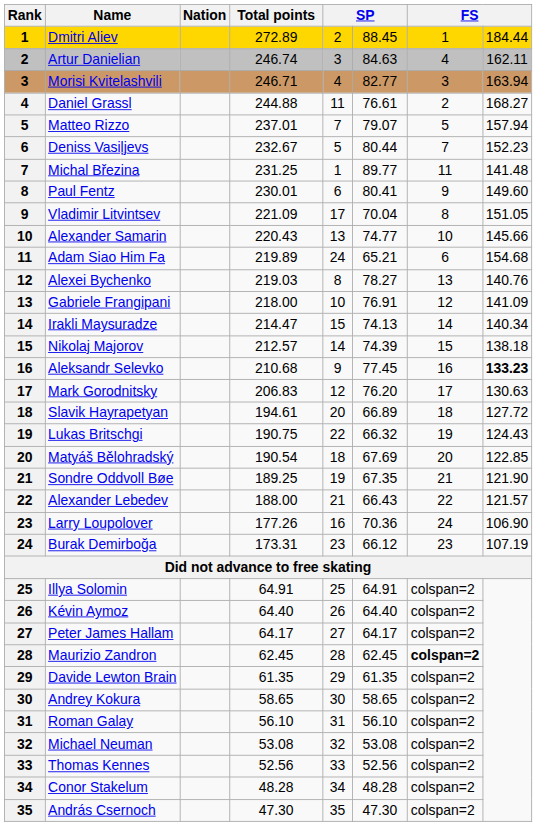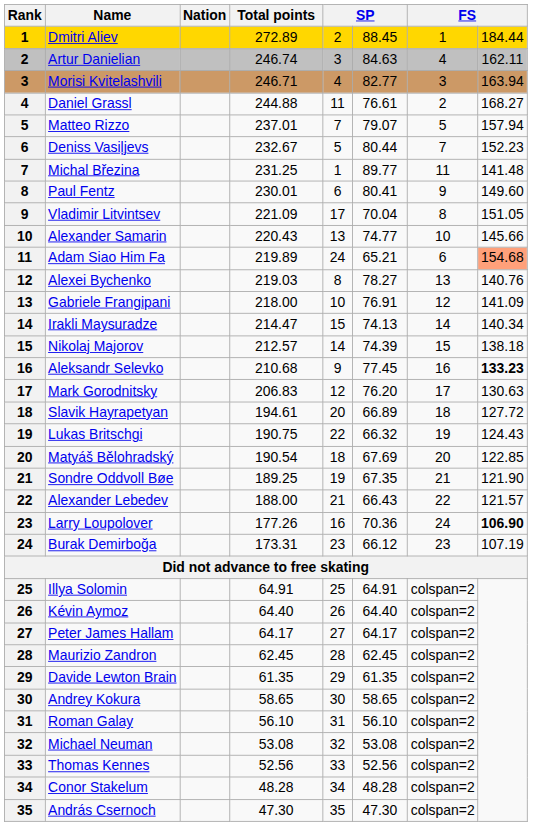 <table class="wikitable sortable">
 <tr>
 <th>Rank</th>
 <th>Name</th>
 <th>Nation</th>
 <th width="100px">Total points</th>
 <th colspan="2" width="90px"><a href='#'>SP</a></th>
 <th colspan="2" width="90px"><a href='#'>FS</a></th>
 </tr>
 <tr bgcolor="Gold">
 <td align="center" bgcolor="Gold"><strong>1</strong></td>
 <td><a href='#'>Dmitri Aliev</a></td>
 <td></td>
 <td align="center">272.89</td>
 <td align="center">2</td>
 <td align="center">88.45</td>
 <td align="center">1</td>
 <td align="center">184.44</td>
 </tr>
 <tr bgcolor="silver">
 <td align="center" bgcolor="silver"><strong>2</strong></td>
 <td><a href='#'>Artur Danielian</a></td>
 <td></td>
 <td align="center">246.74</td>
 <td align="center">3</td>
 <td align="center">84.63</td>
 <td align="center">4</td>
 <td align="center">162.11</td>
 </tr>
 <tr bgcolor="#cc9966">
 <td align="center" bgcolor="#cc9966"><strong>3</strong></td>
 <td><a href='#'>Morisi Kvitelashvili</a></td>
 <td></td>
 <td align="center">246.71</td>
 <td align="center">4</td>
 <td align="center">82.77</td>
 <td align="center">3</td>
 <td align="center">163.94</td>
 </tr>
 <tr>
 <th>4</th>
 <td><a href='#'>Daniel Grassl</a></td>
 <td></td>
 <td align="center">244.88</td>
 <td align="center">11</td>
 <td align="center">76.61</td>
 <td align="center">2</td>
 <td align="center">168.27</td>
 </tr>
 <tr>
 <th>5</th>
 <td><a href='#'>Matteo Rizzo</a></td>
 <td></td>
 <td align="center">237.01</td>
 <td align="center">7</td>
 <td align="center">79.07</td>
 <td align="center">5</td>
 <td align="center">157.94</td>
 </tr>
 <tr>
 <th>6</th>
 <td><a href='#'>Deniss Vasiļjevs</a></td>
 <td></td>
 <td align="center">232.67</td>
 <td align="center">5</td>
 <td align="center">80.44</td>
 <td align="center">7</td>
 <td align="center">152.23</td>
 </tr>
 <tr>
 <th>7</th>
 <td><a href='#'>Michal Březina</a></td>
 <td></td>
 <td align="center">231.25</td>
 <td align="center">1</td>
 <td align="center">89.77</td>
 <td align="center">11</td>
 <td align="center">141.48</td>
 </tr>
 <tr>
 <th>8</th>
 <td><a href='#'>Paul Fentz</a></td>
 <td></td>
 <td align="center">230.01</td>
 <td align="center">6</td>
 <td align="center">80.41</td>
 <td align="center">9</td>
 <td align="center">149.60</td>
 </tr>
 <tr>
 <th>9</th>
 <td><a href='#'>Vladimir Litvintsev</a></td>
 <td></td>
 <td align="center">221.09</td>
 <td align="center">17</td>
 <td align="center">70.04</td>
 <td align="center">8</td>
 <td align="center">151.05</td>
 </tr>
 <tr>
 <th>10</th>
 <td><a href='#'>Alexander Samarin</a></td>
 <td></td>
 <td align="center">220.43</td>
 <td align="center">13</td>
 <td align="center">74.77</td>
 <td align="center">10</td>
 <td align="center">145.66</td>
 </tr>
 <tr>
 <th>11</th>
 <td><a href='#'>Adam Siao Him Fa</a></td>
 <td></td>
 <td align="center">219.89</td>
 <td align="center">24</td>
 <td align="center">65.21</td>
 <td align="center">6</td>
-<td align="center">154.68</td>
+<td align="center" style="background: lightsalmon;">154.68</td>
 </tr>
 <tr>
 <th>12</th>
 <td><a href='#'>Alexei Bychenko</a></td>
 <td></td>
 <td align="center">219.03</td>
 <td align="center">8</td>
 <td align="center">78.27</td>
 <td align="center">13</td>
 <td align="center">140.76</td>
 </tr>
 <tr>
 <th>13</th>
 <td><a href='#'>Gabriele Frangipani</a></td>
 <td></td>
 <td align="center">218.00</td>
 <td align="center">10</td>
 <td align="center">76.91</td>
 <td align="center">12</td>
 <td align="center">141.09</td>
 </tr>
 <tr>
 <th>14</th>
 <td><a href='#'>Irakli Maysuradze</a></td>
 <td></td>
 <td align="center">214.47</td>
 <td align="center">15</td>
 <td align="center">74.13</td>
 <td align="center">14</td>
 <td align="center">140.34</td>
 </tr>
 <tr>
 <th>15</th>
 <td><a href='#'>Nikolaj Majorov</a></td>
 <td></td>
 <td align="center">212.57</td>
 <td align="center">14</td>
 <td align="center">74.39</td>
 <td align="center">15</td>
 <td align="center">138.18</td>
 </tr>
 <tr>
 <th>16</th>
 <td><a href='#'>Aleksandr Selevko</a></td>
 <td></td>
 <td align="center">210.68</td>
 <td align="center">9</td>
 <td align="center">77.45</td>
 <td align="center">16</td>
 <td align="center"><strong>133.23</strong></td>
 </tr>
 <tr>
 <th>17</th>
 <td><a href='#'>Mark Gorodnitsky</a></td>
 <td></td>
 <td align="center">206.83</td>
 <td align="center">12</td>
 <td align="center">76.20</td>
 <td align="center">17</td>
 <td align="center">130.63</td>
 </tr>
 <tr>
 <th>18</th>
 <td><a href='#'>Slavik Hayrapetyan</a></td>
 <td></td>
 <td align="center">194.61</td>
 <td align="center">20</td>
 <td align="center">66.89</td>
 <td align="center">18</td>
 <td align="center">127.72</td>
 </tr>
 <tr>
 <th>19</th>
 <td><a href='#'>Lukas Britschgi</a></td>
 <td></td>
 <td align="center">190.75</td>
 <td align="center">22</td>
 <td align="center">66.32</td>
 <td align="center">19</td>
 <td align="center">124.43</td>
 </tr>
 <tr>
 <th>20</th>
 <td><a href='#'>Matyáš Bělohradský</a></td>
 <td></td>
 <td align="center">190.54</td>
 <td align="center">18</td>
 <td align="center">67.69</td>
 <td align="center">20</td>
 <td align="center">122.85</td>
 </tr>
 <tr>
 <th>21</th>
 <td><a href='#'>Sondre Oddvoll Bøe</a></td>
 <td></td>
 <td align="center">189.25</td>
 <td align="center">19</td>
 <td align="center">67.35</td>
 <td align="center">21</td>
 <td align="center">121.90</td>
 </tr>
 <tr>
 <th>22</th>
 <td><a href='#'>Alexander Lebedev</a></td>
 <td></td>
 <td align="center">188.00</td>
 <td align="center">21</td>
 <td align="center">66.43</td>
 <td align="center">22</td>
 <td align="center">121.57</td>
 </tr>
 <tr>
 <th>23</th>
 <td><a href='#'>Larry Loupolover</a></td>
 <td></td>
 <td align="center">177.26</td>
 <td align="center">16</td>
 <td align="center">70.36</td>
 <td align="center">24</td>
-<td align="center">106.90</td>
+<td align="center"><strong>106.90</strong></td>
 </tr>
 <tr>
 <th>24</th>
 <td><a href='#'>Burak Demirboğa</a></td>
 <td></td>
 <td align="center">173.31</td>
 <td align="center">23</td>
 <td align="center">66.12</td>
 <td align="center">23</td>
 <td align="center">107.19</td>
 </tr>
 <tr>
 <th colspan=8>Did not advance to free skating</th>
 </tr>
 <tr>
 <th>25</th>
 <td><a href='#'>Illya Solomin</a></td>
 <td></td>
 <td align="center">64.91</td>
 <td align="center">25</td>
 <td align="center">64.91</td>
 <td>colspan=2 </td>
 </tr>
 <tr>
 <th>26</th>
 <td><a href='#'>Kévin Aymoz</a></td>
 <td></td>
 <td align="center">64.40</td>
 <td align="center">26</td>
 <td align="center">64.40</td>
 <td>colspan=2 </td>
 </tr>
 <tr>
 <th>27</th>
 <td><a href='#'>Peter James Hallam</a></td>
 <td></td>
 <td align="center">64.17</td>
 <td align="center">27</td>
 <td align="center">64.17</td>
 <td>colspan=2 </td>
 </tr>
 <tr>
 <th>28</th>
 <td><a href='#'>Maurizio Zandron</a></td>
 <td></td>
 <td align="center">62.45</td>
 <td align="center">28</td>
 <td align="center">62.45</td>
-<td><strong>colspan=2 </strong></td>
+<td>colspan=2 </td>
 </tr>
 <tr>
 <th>29</th>
 <td><a href='#'>Davide Lewton Brain</a></td>
 <td></td>
 <td align="center">61.35</td>
 <td align="center">29</td>
 <td align="center">61.35</td>
 <td>colspan=2 </td>
 </tr>
 <tr>
 <th>30</th>
 <td><a href='#'>Andrey Kokura</a></td>
 <td></td>
 <td align="center">58.65</td>
 <td align="center">30</td>
 <td align="center">58.65</td>
 <td>colspan=2 </td>
 </tr>
 <tr>
 <th>31</th>
 <td><a href='#'>Roman Galay</a></td>
 <td></td>
 <td align="center">56.10</td>
 <td align="center">31</td>
 <td align="center">56.10</td>
 <td>colspan=2 </td>
 </tr>
 <tr>
 <th>32</th>
 <td><a href='#'>Michael Neuman</a></td>
 <td></td>
 <td align="center">53.08</td>
 <td align="center">32</td>
 <td align="center">53.08</td>
 <td>colspan=2 </td>
 </tr>
 <tr>
 <th>33</th>
 <td><a href='#'>Thomas Kennes</a></td>
 <td></td>
 <td align="center">52.56</td>
 <td align="center">33</td>
 <td align="center">52.56</td>
 <td>colspan=2 </td>
 </tr>
 <tr>
 <th>34</th>
 <td><a href='#'>Conor Stakelum</a></td>
 <td></td>
 <td align="center">48.28</td>
 <td align="center">34</td>
 <td align="center">48.28</td>
 <td>colspan=2 </td>
 </tr>
 <tr>
 <th>35</th>
 <td><a href='#'>András Csernoch</a></td>
 <td></td>
 <td align="center">47.30</td>
 <td align="center">35</td>
 <td align="center">47.30</td>
 <td>colspan=2 </td>
 </tr>
 </table>
